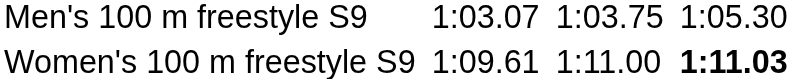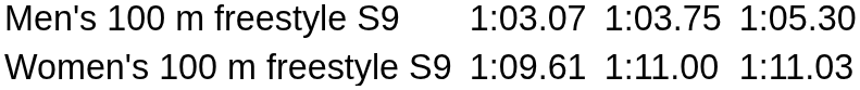 <table>
 <tr>
 <td>Men's 100 m freestyle S9<br></td>
 <td></td>
 <td>1:03.07</td>
 <td></td>
 <td>1:03.75</td>
 <td></td>
 <td>1:05.30</td>
 </tr>
 <tr>
 <td>Women's 100 m freestyle S9<br></td>
 <td></td>
 <td>1:09.61</td>
 <td></td>
 <td>1:11.00</td>
 <td></td>
-<td><strong>1:11.03</strong></td>
+<td>1:11.03</td>
 </tr>
 </table>
